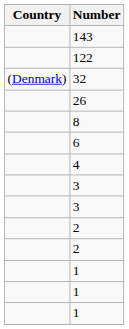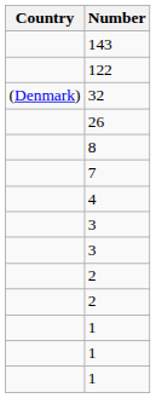 <table class="wikitable">
 <tr>
 <th>Country</th>
 <th>Number</th>
 </tr>
 <tr>
 <td></td>
 <td>143</td>
 </tr>
 <tr>
 <td></td>
 <td>122</td>
 </tr>
 <tr>
 <td> (<a href='#'>Denmark</a>)</td>
 <td>32</td>
 </tr>
 <tr>
 <td></td>
 <td>26</td>
 </tr>
 <tr>
 <td></td>
 <td>8</td>
 </tr>
 <tr>
 <td></td>
-<td>6</td>
+<td>7</td>
 </tr>
 <tr>
 <td></td>
 <td>4</td>
 </tr>
 <tr>
 <td></td>
 <td>3</td>
 </tr>
 <tr>
 <td></td>
 <td>3</td>
 </tr>
 <tr>
 <td></td>
 <td>2</td>
 </tr>
 <tr>
 <td></td>
 <td>2</td>
 </tr>
 <tr>
 <td></td>
 <td>1</td>
 </tr>
 <tr>
 <td></td>
 <td>1</td>
 </tr>
 <tr>
 <td></td>
 <td>1</td>
 </tr>
 </table>
